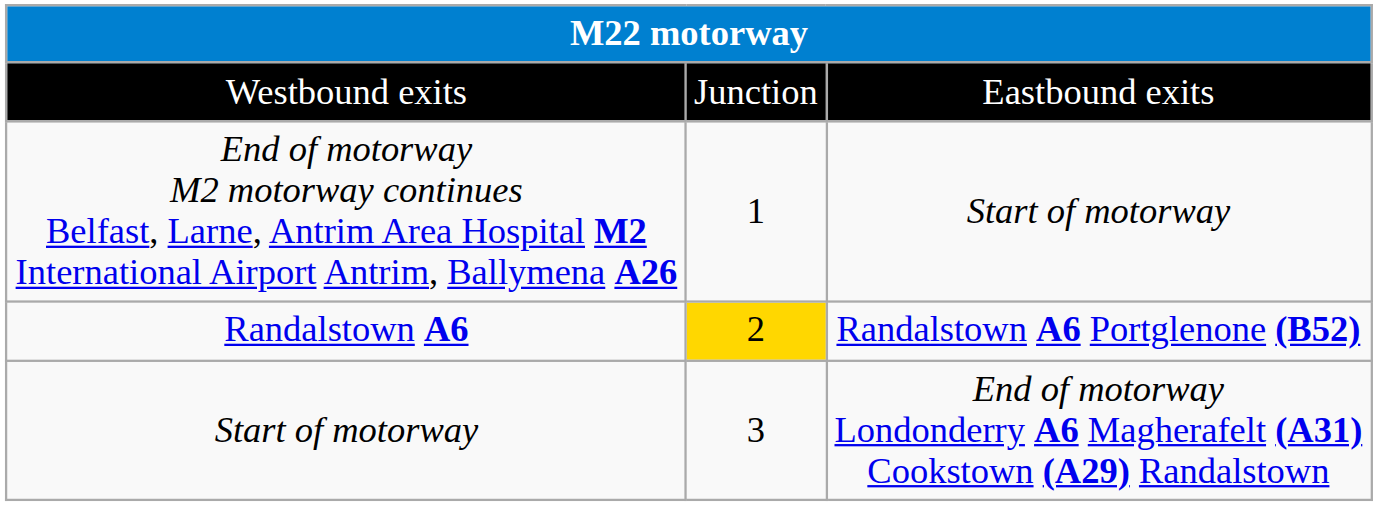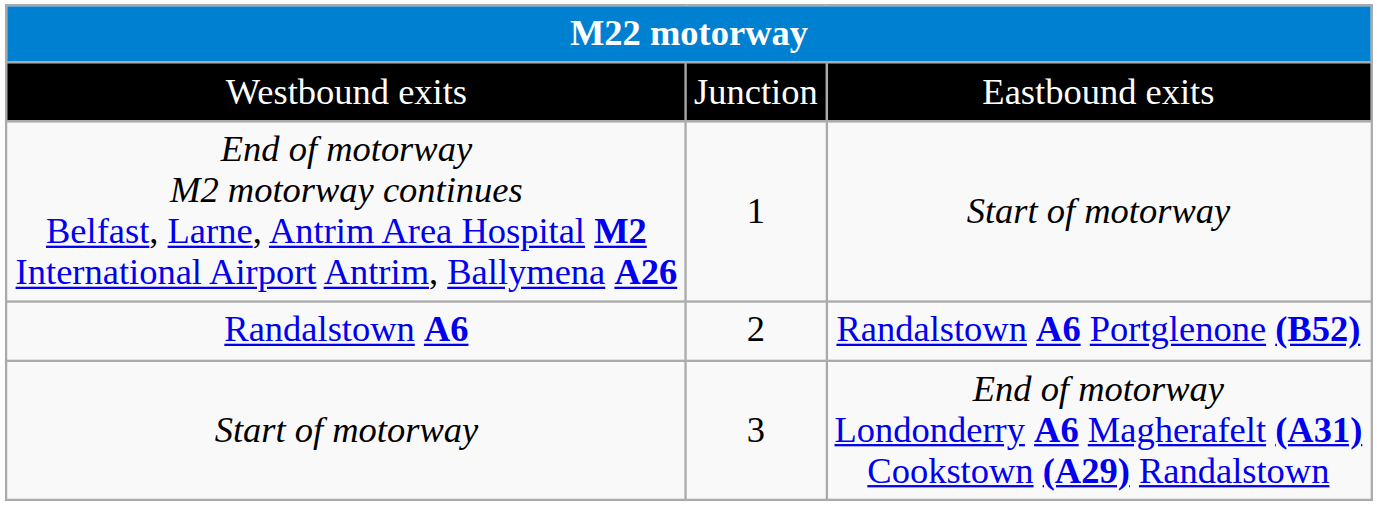 <table border=1 cellpadding=2 style="margin:auto; text-align:center; border-collapse: collapse; " class="wikitable">
 <tr align="center" bgcolor="0080d0" style="color: white;">
 <td colspan="3"><strong>M22 motorway</strong></td>
 </tr>
 <tr align="center" bgcolor="000000" style="color: white">
 <td>Westbound exits</td>
 <td>Junction</td>
 <td>Eastbound exits</td>
 </tr>
 <tr>
 <td><em>End of motorway</em> <br><em>M2 motorway continues</em><br> <a href='#'>Belfast</a>, <a href='#'>Larne</a>, <a href='#'>Antrim Area Hospital</a> <a href='#'><span><strong>M2</strong></span></a><br> <a href='#'>International Airport</a>  <a href='#'>Antrim</a>,  <a href='#'>Ballymena</a> <a href='#'><span><strong>A26</strong></span></a></td>
 <td align ="center">1</td>
 <td><em>Start of motorway</em></td>
 </tr>
 <tr>
 <td><a href='#'>Randalstown</a> <a href='#'><span><strong>A6</strong></span></a></td>
-<td align ="center" style="background: gold;">2</td>
+<td align ="center">2</td>
 <td><a href='#'>Randalstown</a> <a href='#'><span><strong>A6</strong></span></a> <a href='#'>Portglenone</a> <a href='#'><span><strong>(B52)</strong></span></a></td>
 </tr>
 <tr>
 <td><em>Start of motorway</em></td>
 <td align="center">3</td>
 <td><em>End of motorway</em> <br> <a href='#'>Londonderry</a> <a href='#'><span><strong>A6</strong></span></a> <a href='#'>Magherafelt</a> <a href='#'><span><strong>(A31)</strong></span></a><br><a href='#'>Cookstown</a> <a href='#'><span><strong>(A29)</strong></span></a> <a href='#'>Randalstown</a></td>
 </tr>
 </table>
